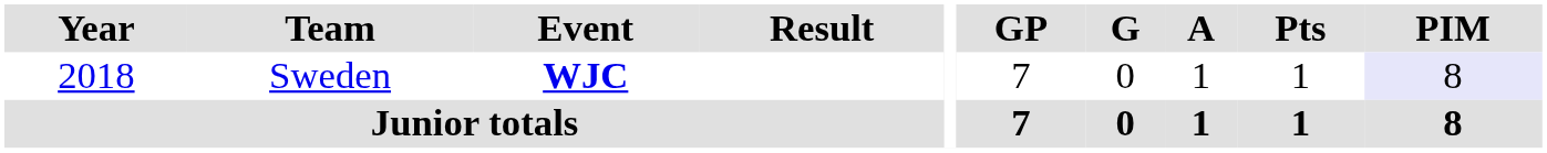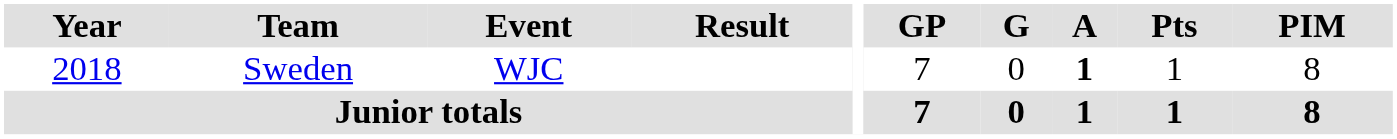 <table border="0" cellpadding="1" cellspacing="0" ID="Table3" style="text-align:center; width:40em">
 <tr ALIGN="center" bgcolor="#e0e0e0">
 <th>Year</th>
 <th>Team</th>
 <th>Event</th>
 <th>Result</th>
 <th rowspan="99" bgcolor="#ffffff"></th>
 <th>GP</th>
 <th>G</th>
 <th>A</th>
 <th>Pts</th>
 <th>PIM</th>
 </tr>
 <tr>
 <td><a href='#'>2018</a></td>
 <td><a href='#'>Sweden</a></td>
-<td><strong><a href='#'>WJC</a></strong></td>
+<td><a href='#'>WJC</a></td>
 <td></td>
 <td>7</td>
 <td>0</td>
+<td><strong>1</strong></td>
 <td>1</td>
-<td>1</td>
-<td style="background: lavender;">8</td>
+<td>8</td>
 </tr>
 <tr ALIGN="center" bgcolor="#e0e0e0">
 <th colspan=4>Junior totals</th>
 <th>7</th>
 <th>0</th>
 <th>1</th>
 <th>1</th>
 <th>8</th>
 </tr>
 </table>
